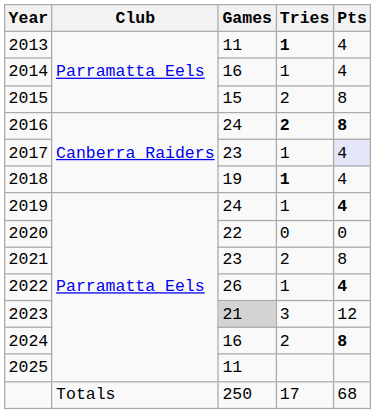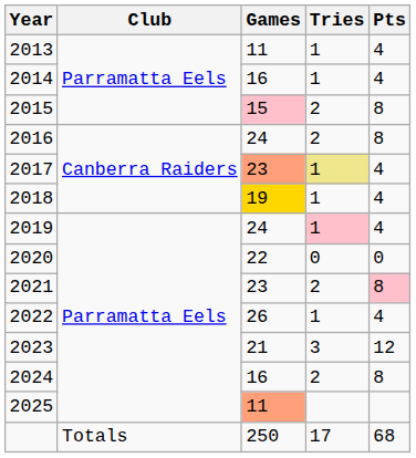 <table class="wikitable">
 <tr>
 <th>Year</th>
 <th>Club</th>
 <th>Games</th>
 <th>Tries</th>
 <th>Pts</th>
 </tr>
 <tr>
 <td>2013</td>
 <td rowspan="3"> <a href='#'>Parramatta Eels</a></td>
 <td>11</td>
-<td><strong>1</strong></td>
+<td>1</td>
 <td>4</td>
 </tr>
 <tr>
 <td>2014</td>
 <td>16</td>
 <td>1</td>
 <td>4</td>
 </tr>
 <tr>
 <td>2015</td>
-<td>15</td>
+<td style="background: pink;">15</td>
 <td>2</td>
 <td>8</td>
 </tr>
 <tr>
 <td>2016</td>
 <td rowspan="3"> <a href='#'>Canberra Raiders</a></td>
 <td>24</td>
-<td><strong>2</strong></td>
-<td><strong>8</strong></td>
+<td>2</td>
+<td>8</td>
 </tr>
 <tr>
 <td>2017</td>
-<td>23</td>
-<td>1</td>
-<td style="background: lavender;">4</td>
+<td style="background: lightsalmon;">23</td>
+<td style="background: khaki;">1</td>
+<td>4</td>
 </tr>
 <tr>
 <td>2018</td>
-<td>19</td>
-<td><strong>1</strong></td>
+<td style="background: gold;">19</td>
+<td>1</td>
 <td>4</td>
 </tr>
 <tr>
 <td>2019</td>
 <td rowspan="7"> <a href='#'>Parramatta Eels</a></td>
 <td>24</td>
-<td>1</td>
-<td><strong>4</strong></td>
+<td style="background: pink;">1</td>
+<td>4</td>
 </tr>
 <tr>
 <td>2020</td>
 <td>22</td>
 <td>0</td>
 <td>0</td>
 </tr>
 <tr>
 <td>2021</td>
 <td>23</td>
 <td>2</td>
-<td>8</td>
+<td style="background: pink;">8</td>
 </tr>
 <tr>
 <td>2022</td>
 <td>26</td>
 <td>1</td>
-<td><strong>4</strong></td>
+<td>4</td>
 </tr>
 <tr>
 <td>2023</td>
-<td style="background: lightgrey;">21</td>
+<td>21</td>
 <td>3</td>
 <td>12</td>
 </tr>
 <tr>
 <td>2024</td>
 <td>16</td>
 <td>2</td>
-<td><strong>8</strong></td>
+<td>8</td>
 </tr>
 <tr>
 <td>2025</td>
-<td>11</td>
+<td style="background: lightsalmon;">11</td>
 <td></td>
 <td></td>
 </tr>
 <tr>
 <td></td>
 <td>Totals</td>
 <td>250</td>
 <td>17</td>
 <td>68</td>
 </tr>
 </table>
